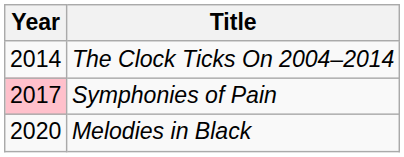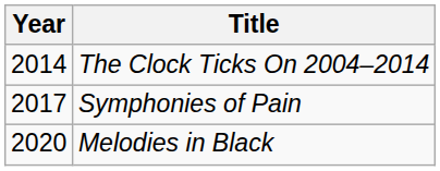 <table class="wikitable">
 <tr>
 <th>Year</th>
 <th>Title</th>
 </tr>
 <tr>
 <td align="center">2014</td>
 <td><em>The Clock Ticks On 2004–2014</em></td>
 </tr>
 <tr>
-<td align="center" style="background: pink;">2017</td>
+<td align="center">2017</td>
 <td><em>Symphonies of Pain</em></td>
 </tr>
 <tr>
 <td align="center">2020</td>
 <td><em>Melodies in Black</em></td>
 </tr>
 </table>
